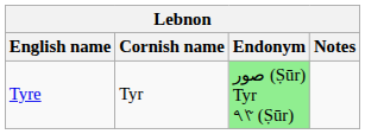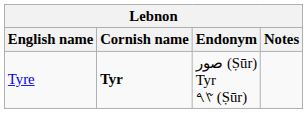 <table class="wikitable sortable">
 <tr>
 <th colspan="24"> Lebnon</th>
 </tr>
 <tr>
 <th>English name</th>
 <th>Cornish name</th>
 <th>Endonym</th>
 <th>Notes</th>
 </tr>
 <tr>
 <td><a href='#'>Tyre</a></td>
-<td>Tyr</td>
-<td style="background: lightgreen;">صور (Ṣūr)<br>Tyr<br>𐤑𐤓 (Ṣūr)</td>
+<td><strong>Tyr</strong></td>
+<td>صور (Ṣūr)<br>Tyr<br>𐤑𐤓 (Ṣūr)</td>
 <td></td>
 </tr>
 </table>
